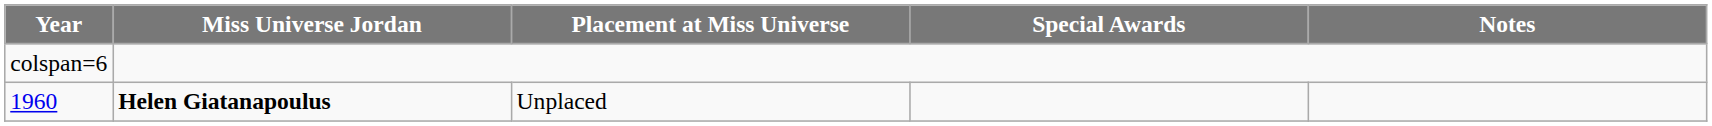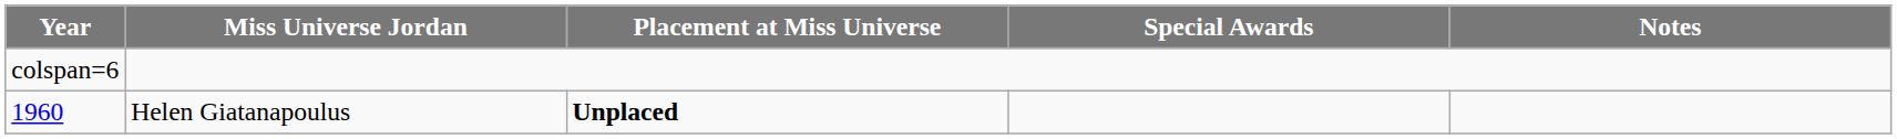 <table class="wikitable " style="font-size: 95%;">
 <tr>
 <th width="60" style="background-color:#787878;color:#FFFFFF;">Year</th>
 <th width="250" style="background-color:#787878;color:#FFFFFF;">Miss Universe Jordan</th>
 <th width="250" style="background-color:#787878;color:#FFFFFF;">Placement at Miss Universe</th>
 <th width="250" style="background-color:#787878;color:#FFFFFF;">Special Awards</th>
 <th width="250" style="background-color:#787878;color:#FFFFFF;">Notes</th>
 </tr>
 <tr>
 <td>colspan=6 </td>
 </tr>
 <tr>
 <td><a href='#'>1960</a></td>
-<td><strong>Helen Giatanapoulus</strong></td>
-<td>Unplaced</td>
+<td>Helen Giatanapoulus</td>
+<td><strong>Unplaced</strong></td>
 <td></td>
 <td></td>
 </tr>
 </table>
